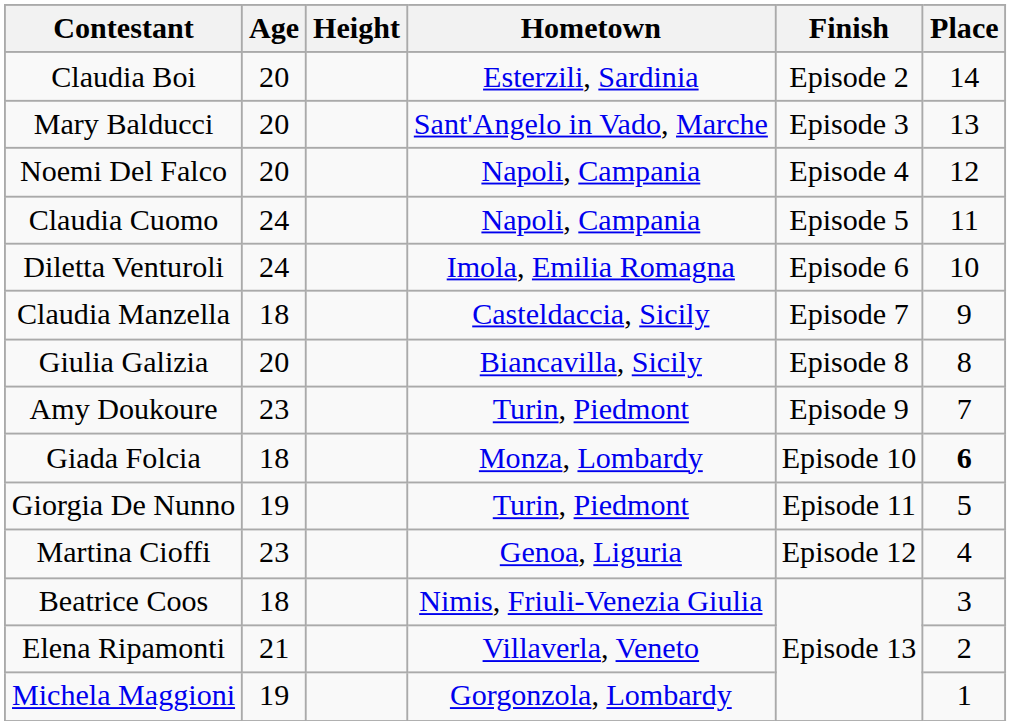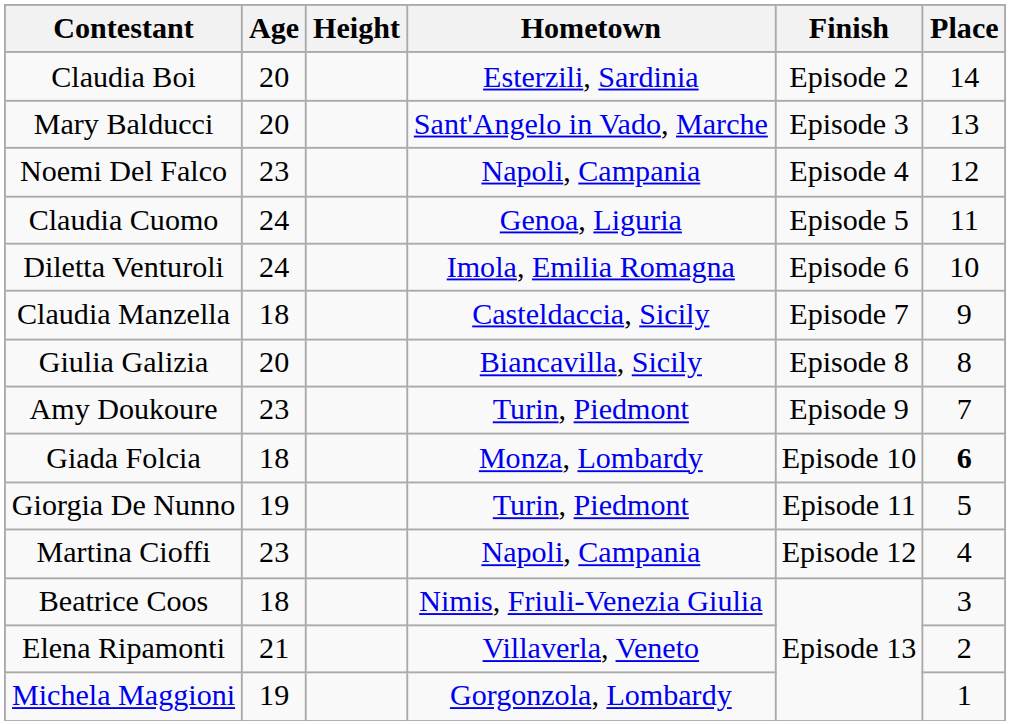 <table class="wikitable sortable" style="text-align:center;">
 <tr>
 <th colspan="1">Contestant</th>
 <th colspan="1">Age</th>
 <th colspan="1">Height</th>
 <th colspan="1">Hometown</th>
 <th colspan="1">Finish</th>
 <th>Place</th>
 </tr>
 <tr>
 <td>Claudia Boi</td>
 <td>20</td>
 <td></td>
 <td><a href='#'>Esterzili</a>, <a href='#'>Sardinia</a></td>
 <td>Episode 2</td>
 <td>14</td>
 </tr>
 <tr>
 <td>Mary Balducci</td>
 <td>20</td>
 <td></td>
 <td><a href='#'>Sant'Angelo in Vado</a>, <a href='#'>Marche</a></td>
 <td>Episode 3</td>
 <td>13</td>
 </tr>
 <tr>
 <td>Noemi Del Falco</td>
-<td>20</td>
+<td>23</td>
 <td></td>
 <td><a href='#'>Napoli</a>, <a href='#'>Campania</a></td>
 <td>Episode 4</td>
 <td>12</td>
 </tr>
 <tr>
 <td>Claudia Cuomo</td>
 <td>24</td>
 <td></td>
-<td><a href='#'>Napoli</a>, <a href='#'>Campania</a></td>
+<td><a href='#'>Genoa</a>, <a href='#'>Liguria</a></td>
 <td>Episode 5</td>
 <td>11</td>
 </tr>
 <tr>
 <td>Diletta Venturoli</td>
 <td>24</td>
 <td></td>
 <td><a href='#'>Imola</a>, <a href='#'>Emilia Romagna</a></td>
 <td>Episode 6</td>
 <td>10</td>
 </tr>
 <tr>
 <td>Claudia Manzella</td>
 <td>18</td>
 <td></td>
 <td><a href='#'>Casteldaccia</a>, <a href='#'>Sicily</a></td>
 <td>Episode 7</td>
 <td>9</td>
 </tr>
 <tr>
 <td>Giulia Galizia</td>
 <td>20</td>
 <td></td>
 <td><a href='#'>Biancavilla</a>, <a href='#'>Sicily</a></td>
 <td>Episode 8</td>
 <td>8</td>
 </tr>
 <tr>
 <td>Amy Doukoure</td>
 <td>23</td>
 <td></td>
 <td><a href='#'>Turin</a>, <a href='#'>Piedmont</a></td>
 <td>Episode 9</td>
 <td>7</td>
 </tr>
 <tr>
 <td>Giada Folcia</td>
 <td>18</td>
 <td></td>
 <td><a href='#'>Monza</a>, <a href='#'>Lombardy</a></td>
 <td>Episode 10</td>
 <td><strong>6</strong></td>
 </tr>
 <tr>
 <td>Giorgia De Nunno</td>
 <td>19</td>
 <td></td>
 <td><a href='#'>Turin</a>, <a href='#'>Piedmont</a></td>
 <td>Episode 11</td>
 <td>5</td>
 </tr>
 <tr>
 <td>Martina Cioffi</td>
 <td>23</td>
 <td></td>
-<td><a href='#'>Genoa</a>, <a href='#'>Liguria</a></td>
+<td><a href='#'>Napoli</a>, <a href='#'>Campania</a></td>
 <td>Episode 12</td>
 <td>4</td>
 </tr>
 <tr>
 <td>Beatrice Coos</td>
 <td>18</td>
 <td></td>
 <td><a href='#'>Nimis</a>, <a href='#'>Friuli-Venezia Giulia</a></td>
 <td rowspan="3">Episode 13</td>
 <td>3</td>
 </tr>
 <tr>
 <td>Elena Ripamonti</td>
 <td>21</td>
 <td></td>
 <td><a href='#'>Villaverla</a>, <a href='#'>Veneto</a></td>
 <td>2</td>
 </tr>
 <tr>
 <td><a href='#'>Michela Maggioni</a></td>
 <td>19</td>
 <td></td>
 <td><a href='#'>Gorgonzola</a>, <a href='#'>Lombardy</a></td>
 <td>1</td>
 </tr>
 <tr>
 </tr>
 </table>
